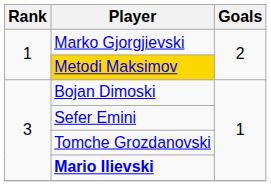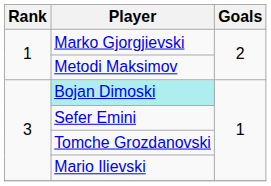 <table class="wikitable">
 <tr>
 <th>Rank</th>
 <th>Player</th>
 <th>Goals</th>
 </tr>
 <tr>
 <td align=center rowspan=2>1</td>
 <td><a href='#'>Marko Gjorgjievski</a></td>
 <td align=center rowspan=2>2</td>
 </tr>
 <tr>
-<td style="background: gold;"><a href='#'>Metodi Maksimov</a></td>
+<td><a href='#'>Metodi Maksimov</a></td>
 </tr>
 <tr>
 <td align=center rowspan=4>3</td>
-<td><a href='#'>Bojan Dimoski</a></td>
+<td style="background: paleturquoise;"><a href='#'>Bojan Dimoski</a></td>
 <td align=center rowspan=4>1</td>
 </tr>
 <tr>
 <td><a href='#'>Sefer Emini</a></td>
 </tr>
 <tr>
 <td><a href='#'>Tomche Grozdanovski</a></td>
 </tr>
 <tr>
-<td><strong><a href='#'>Mario Ilievski</a></strong></td>
+<td><a href='#'>Mario Ilievski</a></td>
 </tr>
 <tr>
 </tr>
 </table>
